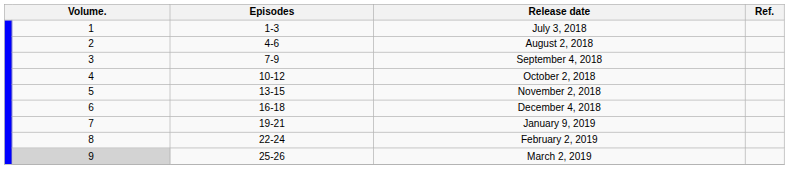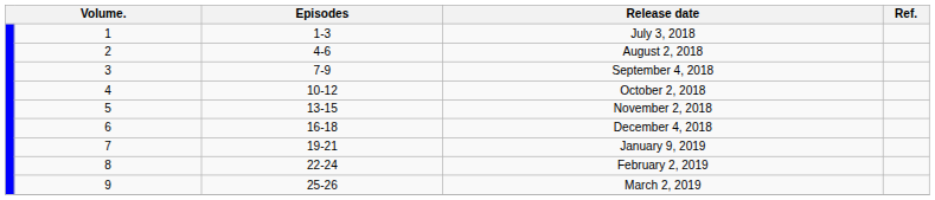 <table class="wikitable" style="text-align: center; width: 98%;">
 <tr>
 <th colspan="2">Volume.</th>
 <th>Episodes</th>
 <th>Release date</th>
 <th width="5%">Ref.</th>
 </tr>
 <tr>
 <td rowspan="10" width="1%" style="background: Blue;"></td>
 <td>1</td>
 <td>1-3</td>
 <td>July 3, 2018</td>
 <td></td>
 </tr>
 <tr>
 <td>2</td>
 <td>4-6</td>
 <td>August 2, 2018</td>
 <td></td>
 </tr>
 <tr>
 <td>3</td>
 <td>7-9</td>
 <td>September 4, 2018</td>
 <td></td>
 </tr>
 <tr>
 <td>4</td>
 <td>10-12</td>
 <td>October 2, 2018</td>
 <td></td>
 </tr>
 <tr>
 <td>5</td>
 <td>13-15</td>
 <td>November 2, 2018</td>
 <td></td>
 </tr>
 <tr>
 <td>6</td>
 <td>16-18</td>
 <td>December 4, 2018</td>
 <td></td>
 </tr>
 <tr>
 <td>7</td>
 <td>19-21</td>
 <td>January 9, 2019</td>
 <td></td>
 </tr>
 <tr>
 <td>8</td>
 <td>22-24</td>
 <td>February 2, 2019</td>
 <td></td>
 </tr>
 <tr>
-<td style="background: lightgrey;">9</td>
+<td>9</td>
 <td>25-26</td>
 <td>March 2, 2019</td>
 <td></td>
 </tr>
 <tr>
 </tr>
 </table>
